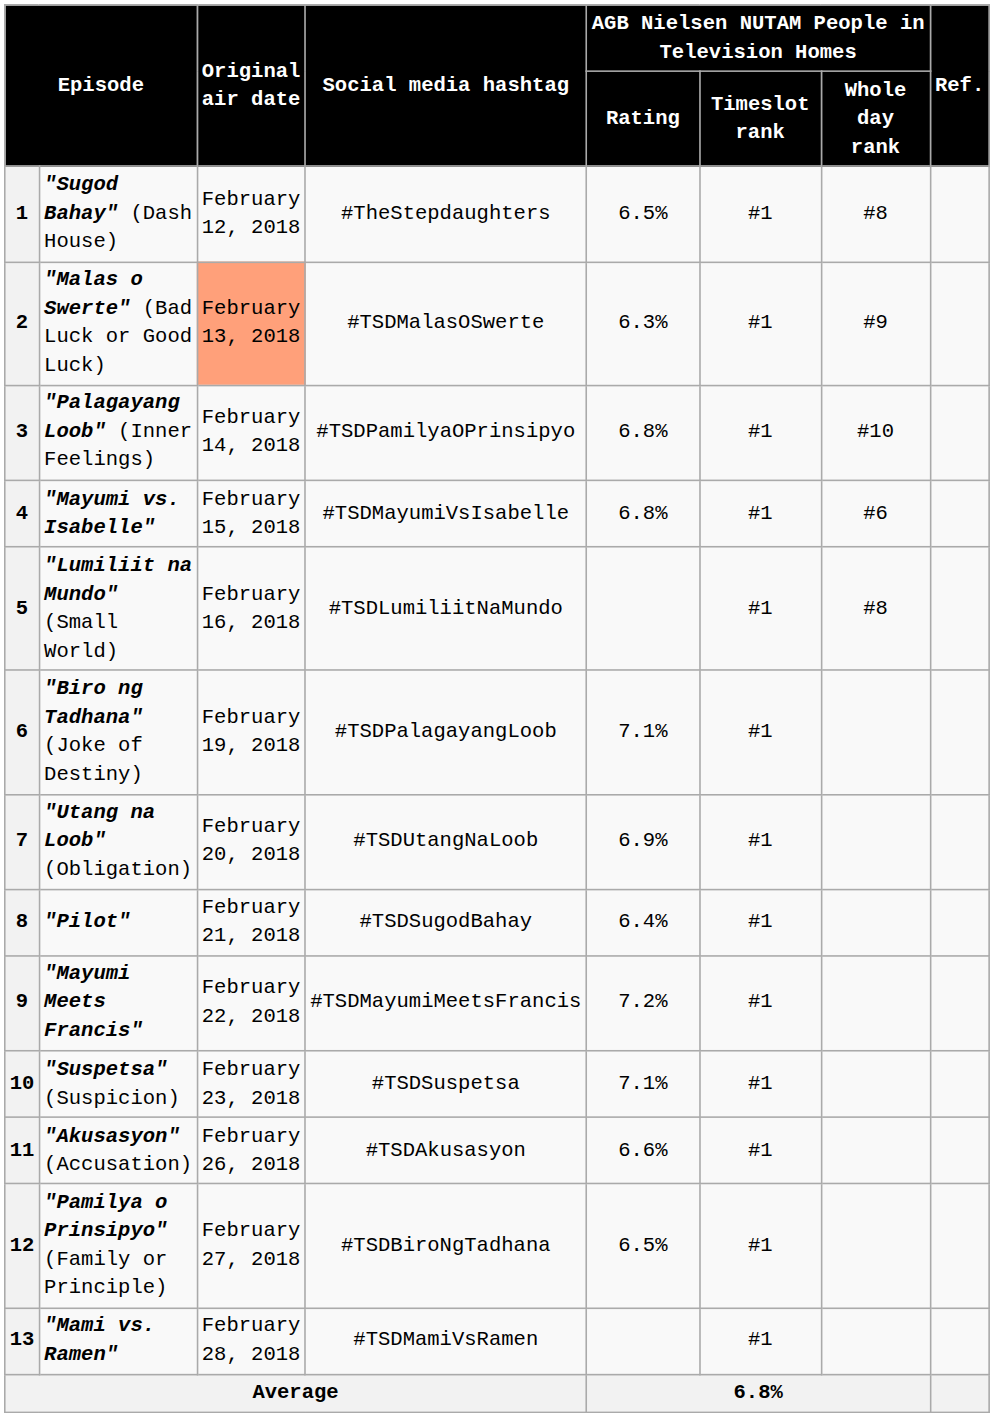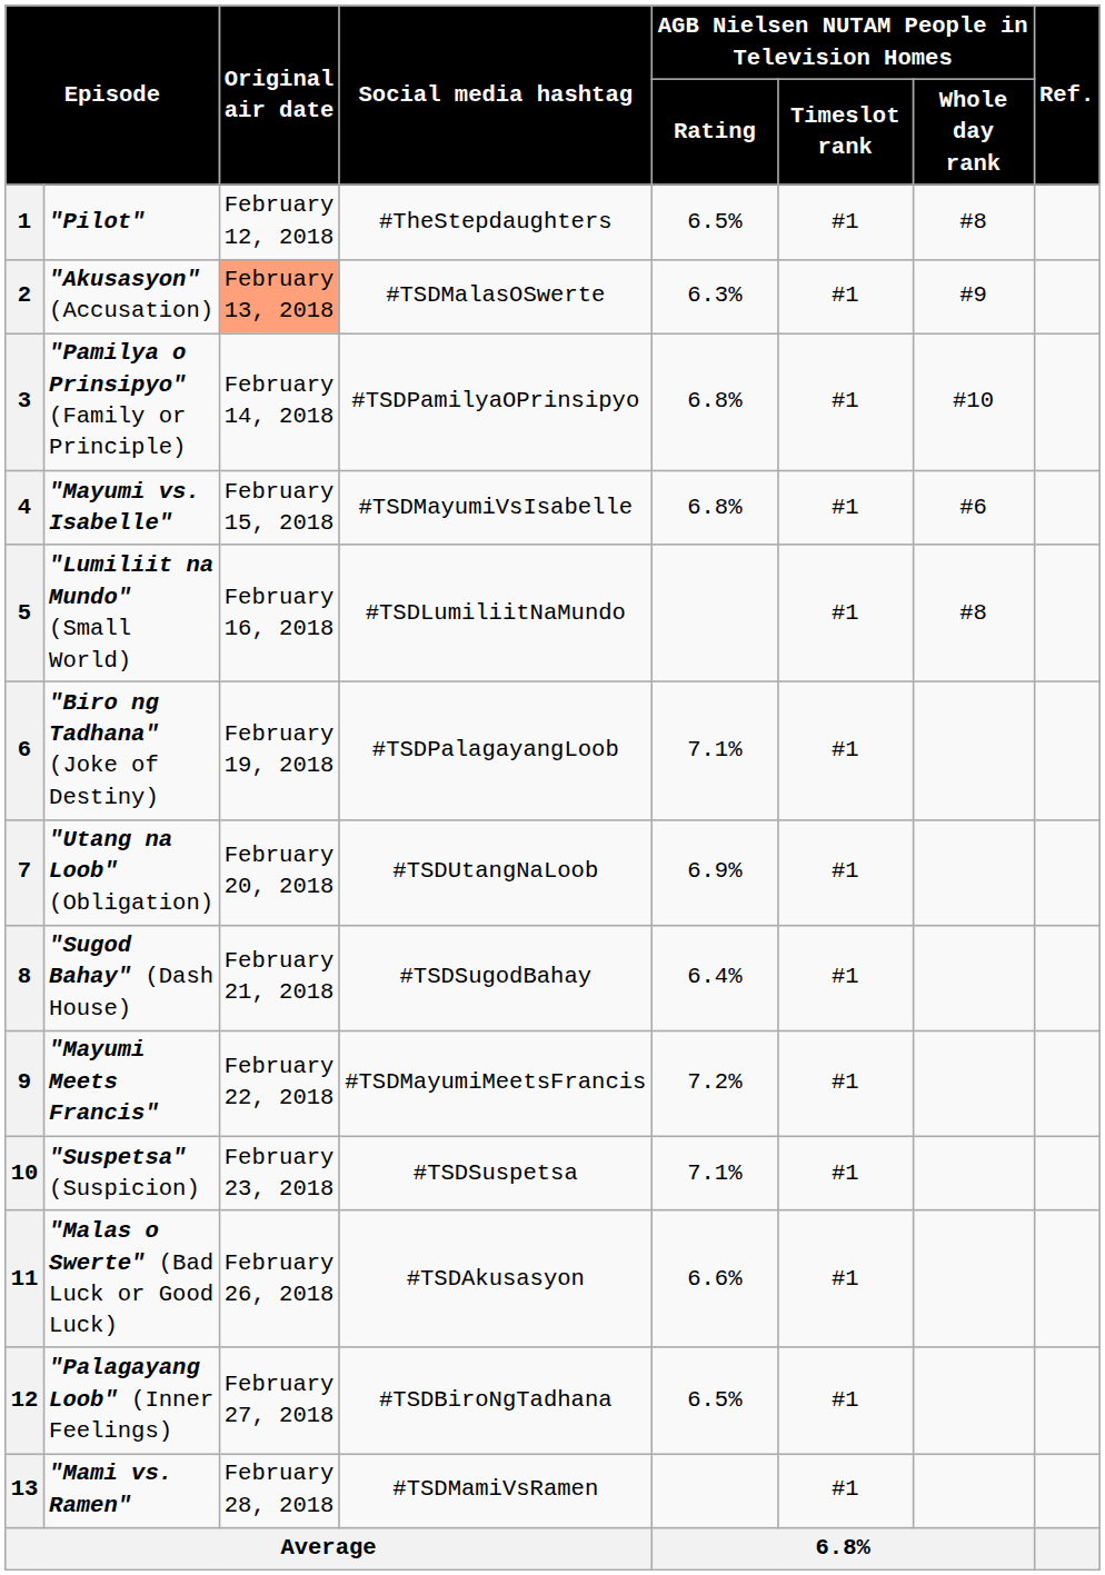 <table class="wikitable" style="text-align:center; font-size:100%; line-height:18px;" width="100%">
 <tr>
 <th style="background-color:#000000; color:#ffffff;" colspan="2" rowspan="2">Episode</th>
 <th style="background-color:#000000; color:white" rowspan="2">Original air date</th>
 <th style="background-color:#000000; color:white" rowspan="2">Social media hashtag</th>
 <th style="background-color:#000000; color:#ffffff;" colspan="3">AGB Nielsen NUTAM People in Television Homes</th>
 <th style="background-color:#000000; color:#ffffff;" rowspan="2">Ref.</th>
 </tr>
 <tr>
 <th style="background-color:#000000; width:75px; color:#ffffff;">Rating</th>
 <th style="background-color:#000000; width:75px; color:#ffffff;">Timeslot<br>rank</th>
 <th style="background-color:#000000; width:75px; color:#ffffff;">Whole day<br>rank</th>
 </tr>
 <tr>
 <th>1</th>
-<td style="text-align: left;"><strong><em>"Sugod Bahay"</em></strong> (Dash House)</td>
+<td style="text-align: left;"><strong><em>"Pilot"</em></strong></td>
 <td>February 12, 2018</td>
 <td>#TheStepdaughters</td>
 <td>6.5%</td>
 <td>#1</td>
 <td>#8</td>
 <td></td>
 </tr>
 <tr>
 <th>2</th>
-<td style="text-align: left;"><strong><em>"Malas o Swerte"</em></strong> (Bad Luck or Good Luck)</td>
+<td style="text-align: left;"><strong><em>"Akusasyon"</em></strong> (Accusation)</td>
 <td style="background: lightsalmon;">February 13, 2018</td>
 <td>#TSDMalasOSwerte</td>
 <td>6.3%</td>
 <td>#1</td>
 <td>#9</td>
 <td></td>
 </tr>
 <tr>
 <th>3</th>
-<td style="text-align: left;"><strong><em>"Palagayang Loob"</em></strong> (Inner Feelings)</td>
+<td style="text-align: left;"><strong><em>"Pamilya o Prinsipyo"</em></strong> (Family or Principle)</td>
 <td>February 14, 2018</td>
 <td>#TSDPamilyaOPrinsipyo</td>
 <td>6.8%</td>
 <td>#1</td>
 <td>#10</td>
 <td></td>
 </tr>
 <tr>
 <th>4</th>
 <td style="text-align: left;"><strong><em>"Mayumi vs. Isabelle"</em></strong></td>
 <td>February 15, 2018</td>
 <td>#TSDMayumiVsIsabelle</td>
 <td>6.8%</td>
 <td>#1</td>
 <td>#6</td>
 <td></td>
 </tr>
 <tr>
 <th>5</th>
 <td style="text-align: left;"><strong><em>"Lumiliit na Mundo"</em></strong> (Small World)</td>
 <td>February 16, 2018</td>
 <td>#TSDLumiliitNaMundo</td>
 <td></td>
 <td>#1</td>
 <td>#8</td>
 <td></td>
 </tr>
 <tr>
 <th>6</th>
 <td style="text-align: left;"><strong><em>"Biro ng Tadhana"</em></strong> (Joke of Destiny)</td>
 <td>February 19, 2018</td>
 <td>#TSDPalagayangLoob</td>
 <td>7.1%</td>
 <td>#1</td>
 <td></td>
 <td></td>
 </tr>
 <tr>
 <th>7</th>
 <td style="text-align: left;"><strong><em>"Utang na Loob"</em></strong> (Obligation)</td>
 <td>February 20, 2018</td>
 <td>#TSDUtangNaLoob</td>
 <td>6.9%</td>
 <td>#1</td>
 <td></td>
 <td></td>
 </tr>
 <tr>
 <th>8</th>
-<td style="text-align: left;"><strong><em>"Pilot"</em></strong></td>
+<td style="text-align: left;"><strong><em>"Sugod Bahay"</em></strong> (Dash House)</td>
 <td>February 21, 2018</td>
 <td>#TSDSugodBahay</td>
 <td>6.4%</td>
 <td>#1</td>
 <td></td>
 <td></td>
 </tr>
 <tr>
 <th>9</th>
 <td style="text-align: left;"><strong><em>"Mayumi Meets Francis"</em></strong></td>
 <td>February 22, 2018</td>
 <td>#TSDMayumiMeetsFrancis</td>
 <td>7.2%</td>
 <td>#1</td>
 <td></td>
 <td></td>
 </tr>
 <tr>
 <th>10</th>
 <td style="text-align: left;"><strong><em>"Suspetsa"</em></strong> (Suspicion)</td>
 <td>February 23, 2018</td>
 <td>#TSDSuspetsa</td>
 <td>7.1%</td>
 <td>#1</td>
 <td></td>
 <td></td>
 </tr>
 <tr>
 <th>11</th>
-<td style="text-align: left;"><strong><em>"Akusasyon"</em></strong> (Accusation)</td>
+<td style="text-align: left;"><strong><em>"Malas o Swerte"</em></strong> (Bad Luck or Good Luck)</td>
 <td>February 26, 2018</td>
 <td>#TSDAkusasyon</td>
 <td>6.6%</td>
 <td>#1</td>
 <td></td>
 <td></td>
 </tr>
 <tr>
 <th>12</th>
-<td style="text-align: left;"><strong><em>"Pamilya o Prinsipyo"</em></strong> (Family or Principle)</td>
+<td style="text-align: left;"><strong><em>"Palagayang Loob"</em></strong> (Inner Feelings)</td>
 <td>February 27, 2018</td>
 <td>#TSDBiroNgTadhana</td>
 <td>6.5%</td>
 <td>#1</td>
 <td></td>
 <td></td>
 </tr>
 <tr>
 <th>13</th>
 <td style="text-align: left;"><strong><em>"Mami vs. Ramen"</em></strong></td>
 <td>February 28, 2018</td>
 <td>#TSDMamiVsRamen</td>
 <td></td>
 <td>#1</td>
 <td></td>
 <td></td>
 </tr>
 <tr>
 <th colspan="4">Average</th>
 <th colspan="3">6.8%</th>
 <th></th>
 </tr>
 <tr>
 </tr>
 </table>
